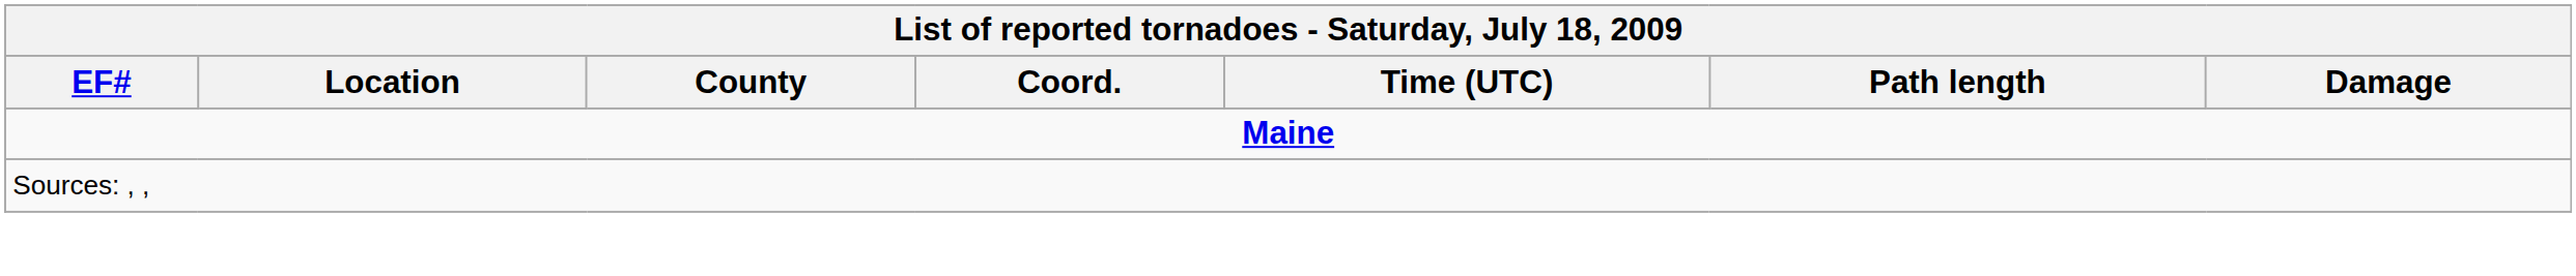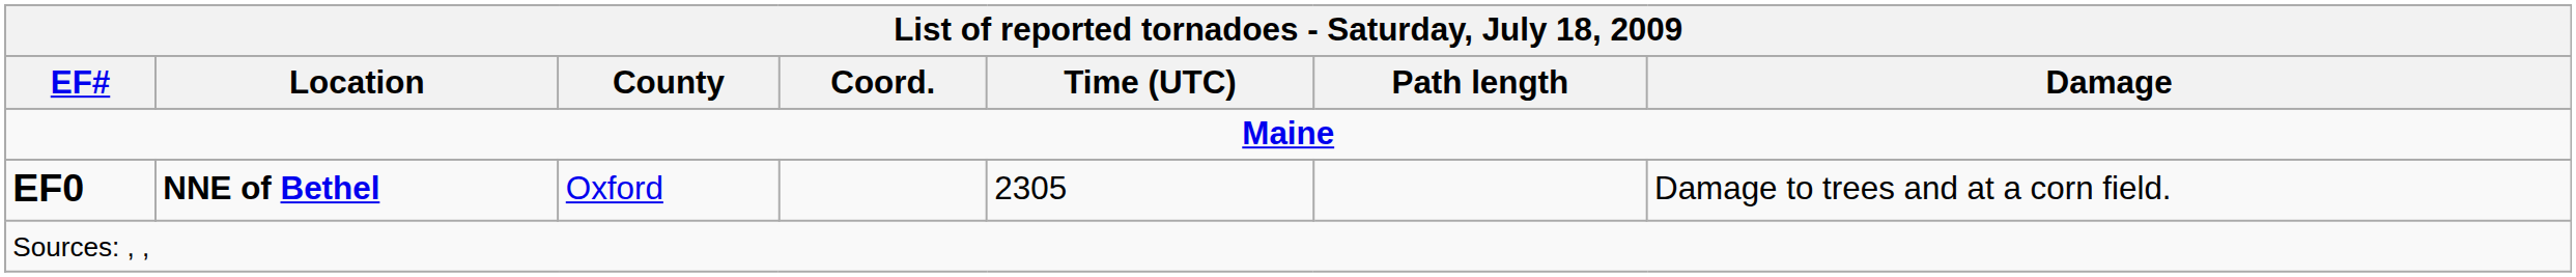 <table class="wikitable collapsible" style="width:100%;">
 <tr>
 <th colspan="7">List of reported tornadoes - Saturday, July 18, 2009</th>
 </tr>
 <tr>
 <th><a href='#'>EF#</a></th>
 <th>Location</th>
 <th>County</th>
 <th>Coord.</th>
 <th>Time (UTC)</th>
 <th>Path length</th>
 <th>Damage</th>
 </tr>
 <tr>
 <td colspan="7" style="text-align:center;"><strong><a href='#'>Maine</a></strong></td>
 </tr>
 <tr>
+<td><big><strong>EF0</strong></big></td>
+<td><strong>NNE of <a href='#'>Bethel</a></strong></td>
+<td><a href='#'>Oxford</a></td>
+<td></td>
+<td>2305</td>
+<td></td>
+<td>Damage to trees and at a corn field.</td>
+</tr>
+<tr>
 <td colspan="7"><small>Sources: , , </small></td>
 </tr>
 </table>
